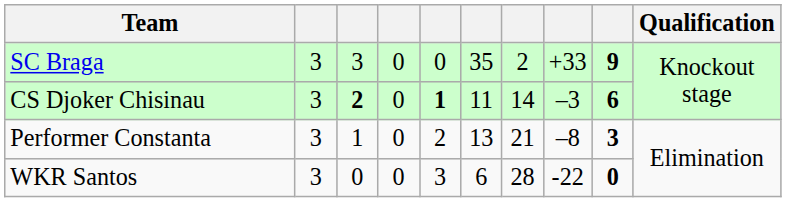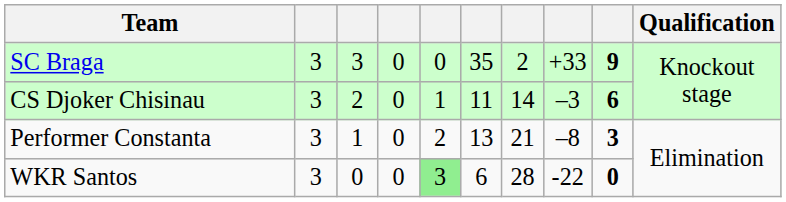 <table class="wikitable" style="text-align: center;">
 <tr>
 <th width="185">Team</th>
 <th width="20"></th>
 <th width="20"></th>
 <th width="20"></th>
 <th width="20"></th>
 <th width="20"></th>
 <th width="20"></th>
 <th width="20"></th>
 <th width="20"></th>
 <th width="20">Qualification</th>
 </tr>
 <tr bgcolor=#ccffcc>
 <td align=left> <a href='#'>SC Braga</a></td>
 <td>3</td>
 <td>3</td>
 <td>0</td>
 <td>0</td>
 <td>35</td>
 <td>2</td>
 <td>+33</td>
 <td><strong>9</strong></td>
 <td rowspan=2>Knockout stage</td>
 </tr>
 <tr bgcolor=#ccffcc>
 <td align=left> CS Djoker Chisinau</td>
 <td>3</td>
-<td><strong>2</strong></td>
+<td>2</td>
 <td>0</td>
-<td><strong>1</strong></td>
+<td>1</td>
 <td>11</td>
 <td>14</td>
 <td>–3</td>
 <td><strong>6</strong></td>
 </tr>
 <tr>
 <td align=left> Performer Constanta</td>
 <td>3</td>
 <td>1</td>
 <td>0</td>
 <td>2</td>
 <td>13</td>
 <td>21</td>
 <td>–8</td>
 <td><strong>3</strong></td>
 <td rowspan=2>Elimination</td>
 </tr>
 <tr>
 <td align=left> WKR Santos</td>
 <td>3</td>
 <td>0</td>
 <td>0</td>
-<td>3</td>
+<td style="background: lightgreen;">3</td>
 <td>6</td>
 <td>28</td>
 <td>-22</td>
 <td><strong>0</strong></td>
 </tr>
 </table>
